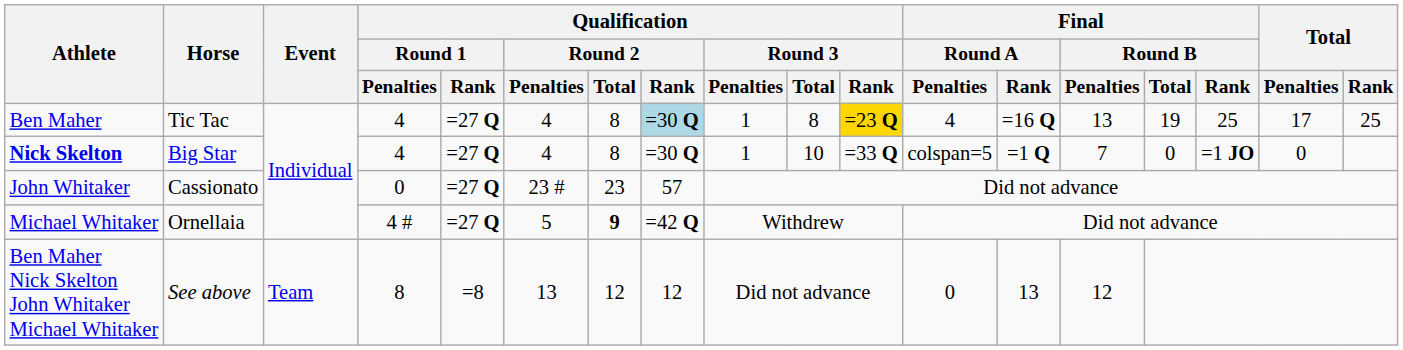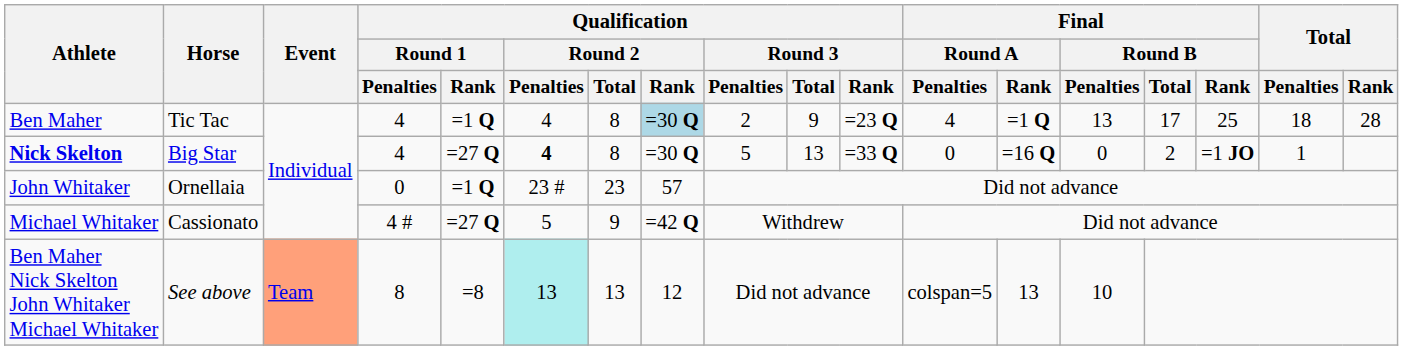 <table class="wikitable" style="font-size:90%">
 <tr>
 <th rowspan="3">Athlete</th>
 <th rowspan="3">Horse</th>
 <th rowspan="3">Event</th>
 <th colspan="8">Qualification</th>
 <th colspan="5">Final</th>
 <th rowspan=2 colspan="2">Total</th>
 </tr>
 <tr style="font-size:95%">
 <th colspan="2">Round 1</th>
 <th colspan="3">Round 2</th>
 <th colspan="3">Round 3</th>
 <th colspan="2">Round A</th>
 <th colspan="3">Round B</th>
 </tr>
 <tr style="font-size:95%">
 <th>Penalties</th>
 <th>Rank</th>
 <th>Penalties</th>
 <th>Total</th>
 <th>Rank</th>
 <th>Penalties</th>
 <th>Total</th>
 <th>Rank</th>
 <th>Penalties</th>
 <th>Rank</th>
 <th>Penalties</th>
 <th>Total</th>
 <th>Rank</th>
 <th>Penalties</th>
 <th>Rank</th>
 </tr>
 <tr align=center>
 <td align=left><a href='#'>Ben Maher</a></td>
 <td align=left>Tic Tac</td>
 <td style="text-align:left;" rowspan="4"><a href='#'>Individual</a></td>
 <td>4</td>
-<td>=27 <strong>Q</strong></td>
+<td>=1 <strong>Q</strong></td>
 <td>4</td>
 <td>8</td>
 <td style="background: lightblue;">=30 <strong>Q</strong></td>
-<td>1</td>
-<td>8</td>
-<td style="background: gold;">=23 <strong>Q</strong></td>
+<td>2</td>
+<td>9</td>
+<td>=23 <strong>Q</strong></td>
 <td>4</td>
-<td>=16 <strong>Q</strong></td>
+<td>=1 <strong>Q</strong></td>
 <td>13</td>
-<td>19</td>
-<td>25</td>
 <td>17</td>
 <td>25</td>
+<td>18</td>
+<td>28</td>
 </tr>
 <tr align=center>
 <td align=left><strong><a href='#'>Nick Skelton</a></strong></td>
 <td align=left><a href='#'>Big Star</a></td>
 <td>4</td>
 <td>=27 <strong>Q</strong></td>
-<td>4</td>
+<td><strong>4</strong></td>
 <td>8</td>
 <td>=30 <strong>Q</strong></td>
+<td>5</td>
+<td>13</td>
+<td>=33 <strong>Q</strong></td>
+<td>0</td>
+<td>=16 <strong>Q</strong></td>
+<td>0</td>
+<td>2</td>
+<td>=1 <strong>JO</strong></td>
 <td>1</td>
-<td>10</td>
-<td>=33 <strong>Q</strong></td>
-<td>colspan=5 </td>
-<td>=1 <strong>Q</strong></td>
-<td>7</td>
-<td>0</td>
-<td>=1 <strong>JO</strong></td>
-<td>0</td>
 <td></td>
 </tr>
 <tr align=center>
 <td align=left><a href='#'>John Whitaker</a></td>
-<td align=left>Cassionato</td>
+<td align=left>Ornellaia</td>
 <td>0</td>
-<td>=27 <strong>Q</strong></td>
+<td>=1 <strong>Q</strong></td>
 <td>23 #</td>
 <td>23</td>
 <td>57</td>
 <td colspan=10>Did not advance</td>
 </tr>
 <tr align=center>
 <td align=left><a href='#'>Michael Whitaker</a></td>
-<td align=left>Ornellaia</td>
+<td align=left>Cassionato</td>
 <td>4 #</td>
 <td>=27 <strong>Q</strong></td>
 <td>5</td>
-<td><strong>9</strong></td>
+<td>9</td>
 <td>=42 <strong>Q</strong></td>
 <td colspan=3>Withdrew</td>
 <td colspan=7>Did not advance</td>
 </tr>
 <tr align=center>
 <td align=left><a href='#'>Ben Maher</a><br><a href='#'>Nick Skelton</a><br><a href='#'>John Whitaker</a><br><a href='#'>Michael Whitaker</a></td>
 <td align=left><em>See above</em></td>
-<td align=left><a href='#'>Team</a></td>
+<td align=left style="background: lightsalmon;"><a href='#'>Team</a></td>
 <td>8</td>
 <td>=8</td>
+<td style="background: paleturquoise;">13</td>
 <td>13</td>
 <td>12</td>
-<td>12</td>
 <td colspan=3>Did not advance</td>
-<td>0</td>
+<td>colspan=5 </td>
 <td>13</td>
-<td>12</td>
+<td>10</td>
 </tr>
 </table>
